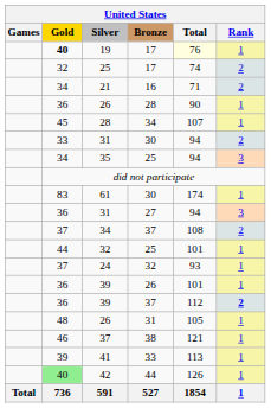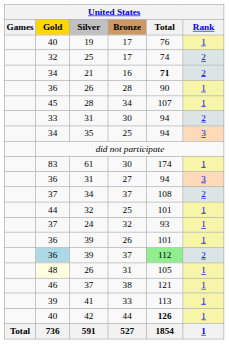 <table class="wikitable" style="text-align:center; font-size:90%;">
 <tr>
 <th colspan=8> <a href='#'>United States</a></th>
 </tr>
 <tr>
 <th>Games</th>
 <td style="background:gold; width:3.2em; font-weight:bold;">Gold</td>
 <td style="background:silver; width:3.7em; font-weight:bold;">Silver</td>
 <td style="background:#c96; width:3.7em; font-weight:bold;">Bronze</td>
 <th style="width:3.5em; font-weight:bold;">Total</th>
 <th style="width:4em; font-weight:bold;"><a href='#'>Rank</a></th>
 </tr>
 <tr>
 <td align=left></td>
-<td><strong>40</strong></td>
+<td>40</td>
 <td>19</td>
 <td>17</td>
-<td style="background: lightyellow;">76</td>
+<td>76</td>
 <td style="background:#f7f6a8;"><a href='#'>1</a></td>
 </tr>
 <tr>
 <td align=left></td>
 <td>32</td>
 <td>25</td>
 <td>17</td>
 <td>74</td>
 <td style="background:#dce5e5;"><a href='#'>2</a></td>
 </tr>
 <tr>
 <td align=left></td>
 <td>34</td>
 <td>21</td>
 <td>16</td>
-<td>71</td>
+<td><strong>71</strong></td>
 <td style="background:#dce5e5;"><a href='#'>2</a></td>
 </tr>
 <tr>
 <td align=left></td>
 <td>36</td>
 <td>26</td>
 <td>28</td>
 <td>90</td>
 <td style="background:#f7f6a8;"><a href='#'>1</a></td>
 </tr>
 <tr>
 <td align=left></td>
 <td>45</td>
 <td>28</td>
 <td>34</td>
 <td>107</td>
 <td style="background:#f7f6a8;"><a href='#'>1</a></td>
 </tr>
 <tr>
 <td align=left></td>
 <td>33</td>
 <td>31</td>
 <td>30</td>
 <td>94</td>
 <td style="background:#dce5e5;"><a href='#'>2</a></td>
 </tr>
 <tr>
 <td align=left></td>
 <td>34</td>
 <td>35</td>
 <td>25</td>
 <td>94</td>
 <td style="background:#ffdab9;"><a href='#'>3</a></td>
 </tr>
 <tr>
 <td align=left></td>
 <td colspan=5><em>did not participate</em></td>
 </tr>
 <tr>
 <td align=left></td>
 <td>83</td>
 <td>61</td>
 <td>30</td>
 <td>174</td>
 <td style="background:#f7f6a8;"><a href='#'>1</a></td>
 </tr>
 <tr>
 <td align=left></td>
 <td>36</td>
 <td>31</td>
 <td>27</td>
 <td>94</td>
 <td style="background:#ffdab9;"><a href='#'>3</a></td>
 </tr>
 <tr>
 <td align=left></td>
 <td>37</td>
 <td>34</td>
 <td>37</td>
 <td>108</td>
 <td style="background:#dce5e5;"><a href='#'>2</a></td>
 </tr>
 <tr>
 <td align=left></td>
 <td>44</td>
 <td>32</td>
 <td>25</td>
 <td>101</td>
 <td style="background:#f7f6a8;"><a href='#'>1</a></td>
 </tr>
 <tr>
 <td align=left></td>
 <td>37</td>
 <td>24</td>
 <td>32</td>
 <td>93</td>
 <td style="background:#f7f6a8;"><a href='#'>1</a></td>
 </tr>
 <tr>
 <td align=left></td>
 <td>36</td>
 <td>39</td>
 <td>26</td>
 <td>101</td>
 <td style="background:#f7f6a8;"><a href='#'>1</a></td>
 </tr>
 <tr>
 <td align=left></td>
-<td>36</td>
+<td style="background: lightblue;">36</td>
 <td>39</td>
 <td>37</td>
-<td>112</td>
-<td style="background:#dce5e5;"><strong><a href='#'>2</a></strong></td>
+<td style="background: lightgreen;">112</td>
+<td style="background:#dce5e5;"><a href='#'>2</a></td>
 </tr>
 <tr>
 <td align=left></td>
-<td>48</td>
+<td style="background: lightyellow;">48</td>
 <td>26</td>
 <td>31</td>
 <td>105</td>
 <td style="background:#f7f6a8;"><a href='#'>1</a></td>
 </tr>
 <tr>
 <td align=left></td>
 <td>46</td>
 <td>37</td>
 <td>38</td>
 <td>121</td>
 <td style="background:#f7f6a8;"><a href='#'>1</a></td>
 </tr>
 <tr>
 <td align=left></td>
 <td>39</td>
 <td>41</td>
 <td>33</td>
 <td>113</td>
 <td style="background:#f7f6a8;"><a href='#'>1</a></td>
 </tr>
 <tr>
 <td align=left></td>
-<td style="background: lightgreen;">40</td>
+<td>40</td>
 <td>42</td>
 <td>44</td>
-<td>126</td>
+<td><strong>126</strong></td>
 <td style="background:#f7f6a8;"><a href='#'>1</a></td>
 </tr>
 <tr>
 <th>Total</th>
 <th>736</th>
 <th>591</th>
 <th>527</th>
 <th>1854</th>
 <th><a href='#'>1</a></th>
 </tr>
 </table>
